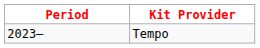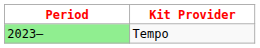 <table class="wikitable" style="text-align: left">
 <tr>
 <th style="color:#FF0000; background:#FFFFFF; width:10em;">Period</th>
 <th style="color:#FF0000; background:#FFFFFF; width:10em;">Kit Provider</th>
 </tr>
 <tr>
-<td>2023–</td>
+<td style="background: lightgreen;">2023–</td>
 <td>Tempo</td>
 </tr>
 </table>
